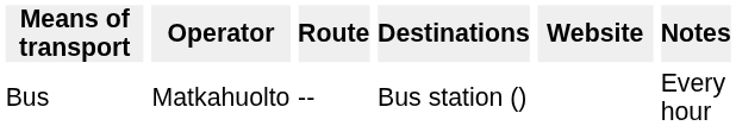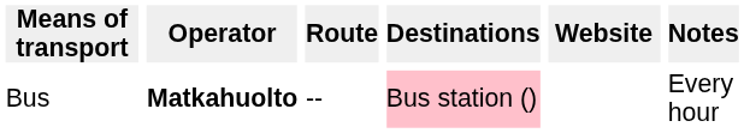 <table class="toc" cellpadding="0" cellspacing="5" style="width:75%;" font-size:90%;">
 <tr>
 <th colspan="8" style="background:gray; color:light red;"></th>
 </tr>
 <tr style="background:#efefef;">
 <th width=22%>Means of transport</th>
 <th width=20%>Operator</th>
 <th width=10%>Route</th>
 <th width=22%>Destinations</th>
 <th width=18%>Website</th>
 <th width=10%>Notes</th>
 </tr>
 <tr>
 <td> Bus</td>
-<td>Matkahuolto</td>
+<td><strong>Matkahuolto</strong></td>
 <td>--</td>
-<td>Bus station ()</td>
+<td style="background: pink;">Bus station ()</td>
 <td></td>
 <td>Every hour</td>
 </tr>
 </table>
